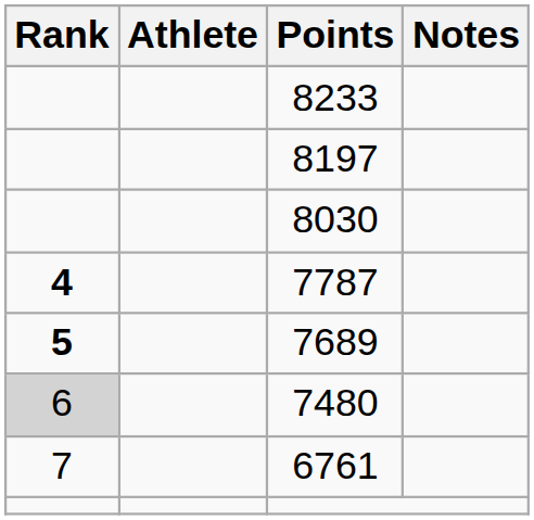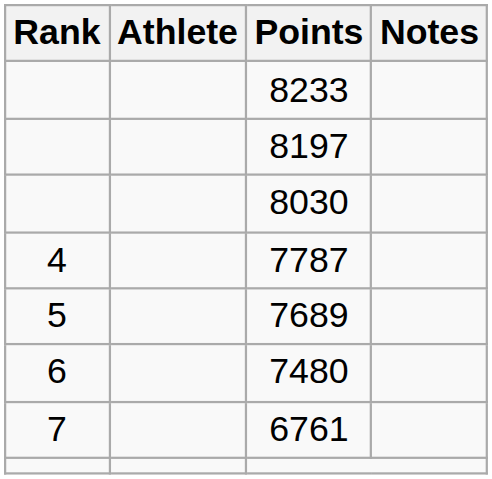 <table class="wikitable sortable" style="text-align:center">
 <tr>
 <th>Rank</th>
 <th>Athlete</th>
 <th>Points</th>
 <th>Notes</th>
 </tr>
 <tr>
 <td></td>
 <td align="left"></td>
 <td>8233</td>
 <td></td>
 </tr>
 <tr>
 <td></td>
 <td align="left"></td>
 <td>8197</td>
 <td></td>
 </tr>
 <tr>
 <td></td>
 <td align="left"></td>
 <td>8030</td>
 <td></td>
 </tr>
 <tr>
-<td><strong>4</strong></td>
+<td>4</td>
 <td align="left"></td>
 <td>7787</td>
 <td></td>
 </tr>
 <tr>
-<td><strong>5</strong></td>
+<td>5</td>
 <td align="left"></td>
 <td>7689</td>
 <td></td>
 </tr>
 <tr>
-<td style="background: lightgrey;">6</td>
+<td>6</td>
 <td align="left"></td>
 <td>7480</td>
 <td></td>
 </tr>
 <tr>
 <td>7</td>
 <td align="left"></td>
 <td>6761</td>
 <td></td>
 </tr>
 <tr>
 <td></td>
 <td align="left"></td>
 <td colspan=2></td>
 </tr>
 </table>
